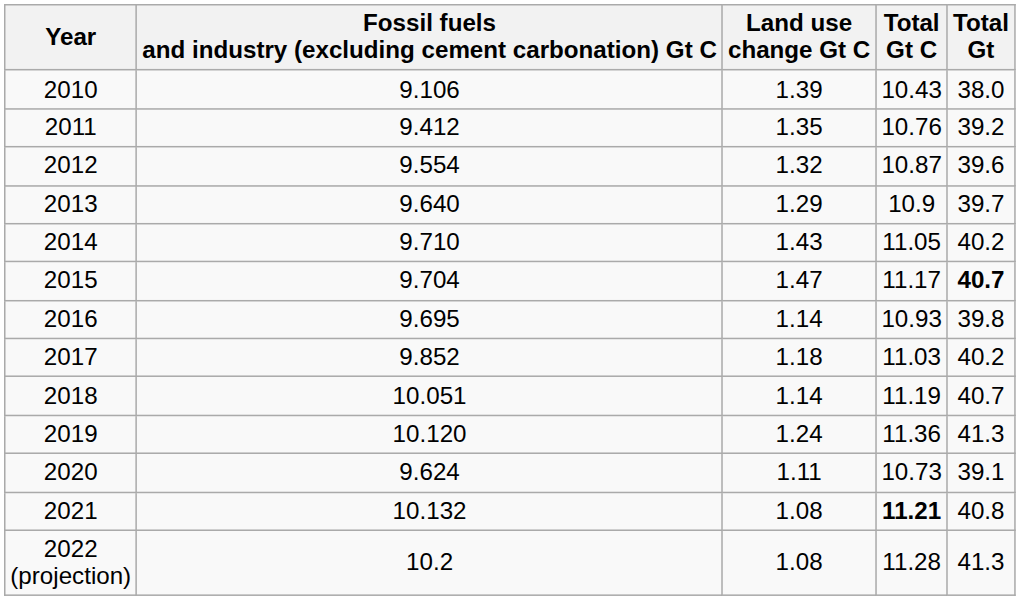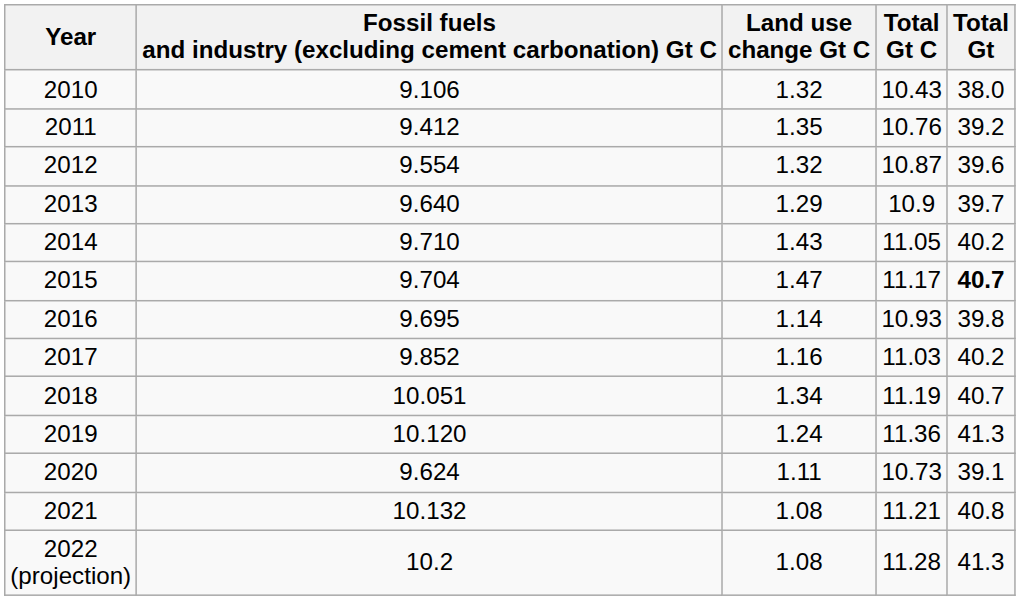 <table class="wikitable" style="text-align:center">
 <tr>
 <th>Year</th>
 <th>Fossil fuels<br>and industry  (excluding cement carbonation) Gt C</th>
 <th>Land use<br>change Gt C</th>
 <th>Total<br>Gt C</th>
 <th>Total<br>Gt </th>
 </tr>
 <tr>
 <td>2010</td>
 <td>9.106</td>
-<td>1.39</td>
+<td>1.32</td>
 <td>10.43</td>
 <td>38.0</td>
 </tr>
 <tr>
 <td>2011</td>
 <td>9.412</td>
 <td>1.35</td>
 <td>10.76</td>
 <td>39.2</td>
 </tr>
 <tr>
 <td>2012</td>
 <td>9.554</td>
 <td>1.32</td>
 <td>10.87</td>
 <td>39.6</td>
 </tr>
 <tr>
 <td>2013</td>
 <td>9.640</td>
 <td>1.29</td>
 <td>10.9</td>
 <td>39.7</td>
 </tr>
 <tr>
 <td>2014</td>
 <td>9.710</td>
 <td>1.43</td>
 <td>11.05</td>
 <td>40.2</td>
 </tr>
 <tr>
 <td>2015</td>
 <td>9.704</td>
 <td>1.47</td>
 <td>11.17</td>
 <td><strong>40.7</strong></td>
 </tr>
 <tr>
 <td>2016</td>
 <td>9.695</td>
 <td>1.14</td>
 <td>10.93</td>
 <td>39.8</td>
 </tr>
 <tr>
 <td>2017</td>
 <td>9.852</td>
-<td>1.18</td>
+<td>1.16</td>
 <td>11.03</td>
 <td>40.2</td>
 </tr>
 <tr>
 <td>2018</td>
 <td>10.051</td>
-<td>1.14</td>
+<td>1.34</td>
 <td>11.19</td>
 <td>40.7</td>
 </tr>
 <tr>
 <td>2019</td>
 <td>10.120</td>
 <td>1.24</td>
 <td>11.36</td>
 <td>41.3</td>
 </tr>
 <tr>
 <td>2020</td>
 <td>9.624</td>
 <td>1.11</td>
 <td>10.73</td>
 <td>39.1</td>
 </tr>
 <tr>
 <td>2021</td>
 <td>10.132</td>
 <td>1.08</td>
-<td><strong>11.21</strong></td>
+<td>11.21</td>
 <td>40.8</td>
 </tr>
 <tr>
 <td>2022<br>(projection)</td>
 <td>10.2</td>
 <td>1.08</td>
 <td>11.28</td>
 <td>41.3</td>
 </tr>
 </table>
